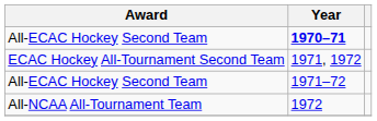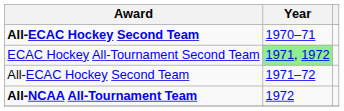 <table class="wikitable">
 <tr>
 <th>Award</th>
 <th>Year</th>
 <th></th>
 </tr>
 <tr>
-<td>All-<a href='#'>ECAC Hockey</a> <a href='#'>Second Team</a></td>
-<td><strong><a href='#'>1970–71</a></strong></td>
+<td><strong>All-<a href='#'>ECAC Hockey</a> <a href='#'>Second Team</a></strong></td>
+<td><a href='#'>1970–71</a></td>
 <td></td>
 </tr>
 <tr>
 <td><a href='#'>ECAC Hockey</a> <a href='#'>All-Tournament Second Team</a></td>
-<td><a href='#'>1971</a>, <a href='#'>1972</a></td>
+<td style="background: lightgreen;"><a href='#'>1971</a>, <a href='#'>1972</a></td>
 <td></td>
 </tr>
 <tr>
 <td>All-<a href='#'>ECAC Hockey</a> <a href='#'>Second Team</a></td>
 <td><a href='#'>1971–72</a></td>
 <td></td>
 </tr>
 <tr>
-<td>All-<a href='#'>NCAA</a> <a href='#'>All-Tournament Team</a></td>
+<td><strong>All-<a href='#'>NCAA</a> <a href='#'>All-Tournament Team</a></strong></td>
 <td><a href='#'>1972</a></td>
 <td></td>
 </tr>
 <tr>
 </tr>
 </table>
